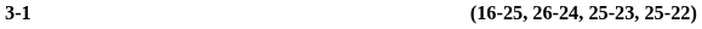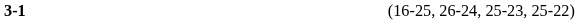 <table width=100% cellspacing=1>
 <tr>
 <th width=20%></th>
 <th width=12%></th>
 <th width=20%></th>
 <th width=33%></th>
 <td></td>
 </tr>
 <tr style=font-size:90%>
 <td align=right></td>
 <td align=center><strong>3-1</strong></td>
 <td></td>
-<td><strong>(16-25, 26-24, 25-23, 25-22)</strong></td>
+<td>(16-25, 26-24, 25-23, 25-22)</td>
 </tr>
 </table>
